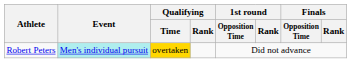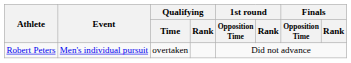 <table class=wikitable style="font-size:90%">
 <tr>
 <th rowspan="2">Athlete</th>
 <th rowspan="2">Event</th>
 <th colspan="2">Qualifying</th>
 <th colspan="2">1st round</th>
 <th colspan="2">Finals</th>
 </tr>
 <tr>
 <th>Time</th>
 <th>Rank</th>
 <th style="line-height:1em"><small>Opposition<br>Time</small></th>
 <th>Rank</th>
 <th style="line-height:1em"><small>Opposition<br>Time</small></th>
 <th>Rank</th>
 </tr>
 <tr>
 <td><a href='#'>Robert Peters</a></td>
-<td style="background: paleturquoise;"><a href='#'>Men's individual pursuit</a></td>
-<td align=center style="background: gold;">overtaken</td>
+<td><a href='#'>Men's individual pursuit</a></td>
+<td align=center>overtaken</td>
 <td></td>
 <td colspan=6 align=center>Did not advance</td>
 </tr>
 </table>
